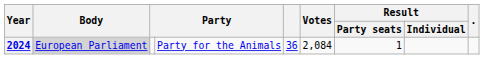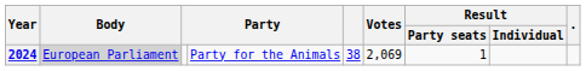 <table class="wikitable plainrowheaders sortable" border=2 cellpadding=4 cellspacing=0 style="border: 1px #aaa solid; font-size: 90%; text-align:center;">
 <tr>
 <th scope="col" rowspan=2>Year</th>
 <th scope="col" rowspan=2>Body</th>
 <th scope="col" colspan=2 rowspan=2>Party</th>
 <th scope="col" rowspan=2></th>
 <th scope="col" rowspan=2>Votes</th>
 <th scope="colgroup" colspan=2>Result</th>
 <th scope="col" rowspan=2>.</th>
 </tr>
 <tr>
 <th scope="col">Party seats</th>
 <th scope="col">Individual</th>
 </tr>
 <tr>
 <th scope="row"><a href='#'>2024</a></th>
 <td style="background: lightgrey;"><a href='#'>European Parliament</a></td>
 <td style="background-color:"></td>
 <td><a href='#'>Party for the Animals</a></td>
-<td style=text-align:right><a href='#'>36</a></td>
-<td style=text-align:right>2,084</td>
+<td style=text-align:right><a href='#'>38</a></td>
+<td style=text-align:right>2,069</td>
 <td style=text-align:right>1</td>
 <td></td>
 <td></td>
 </tr>
 </table>
